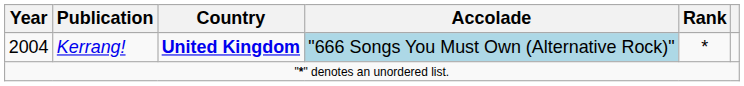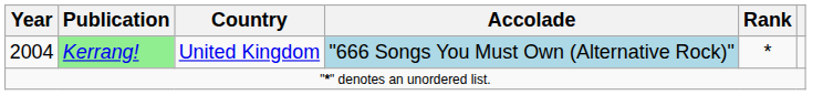 <table class="wikitable sortable" style="margin:0em 1em 1em 0pt">
 <tr>
 <th>Year</th>
 <th>Publication</th>
 <th>Country</th>
 <th>Accolade</th>
 <th>Rank</th>
 <th class=unsortable></th>
 </tr>
 <tr>
 <td align=center>2004</td>
-<td><em><a href='#'>Kerrang!</a></em></td>
-<td><strong><a href='#'>United Kingdom</a></strong></td>
+<td style="background: lightgreen;"><em><a href='#'>Kerrang!</a></em></td>
+<td><a href='#'>United Kingdom</a></td>
 <td style="background: lightblue;">"666 Songs You Must Own (Alternative Rock)"</td>
 <td align=center>*</td>
 <td></td>
 </tr>
 <tr class="sortbottom">
 <td colspan=6 style=font-size:8pt; align=center>"<strong>*</strong>" denotes an unordered list.</td>
 </tr>
 </table>
